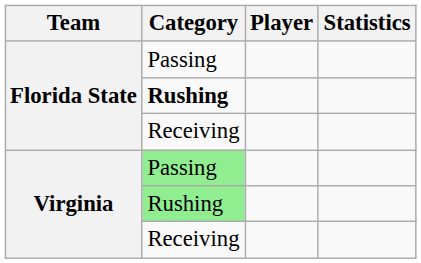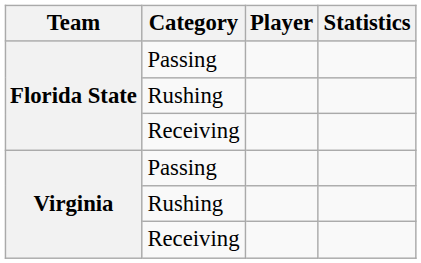 <table class="wikitable" style="float:right">
 <tr>
 <th>Team</th>
 <th>Category</th>
 <th>Player</th>
 <th>Statistics</th>
 </tr>
 <tr>
 <th rowspan=3>Florida State</th>
 <td>Passing</td>
 <td></td>
 <td></td>
 </tr>
 <tr>
-<td><strong>Rushing</strong></td>
+<td>Rushing</td>
 <td></td>
 <td></td>
 </tr>
 <tr>
 <td>Receiving</td>
 <td></td>
 <td></td>
 </tr>
 <tr>
 <th rowspan=3>Virginia</th>
-<td style="background: lightgreen;">Passing</td>
+<td>Passing</td>
 <td></td>
 <td></td>
 </tr>
 <tr>
-<td style="background: lightgreen;">Rushing</td>
+<td>Rushing</td>
 <td></td>
 <td></td>
 </tr>
 <tr>
 <td>Receiving</td>
 <td></td>
 <td></td>
 </tr>
 </table>
